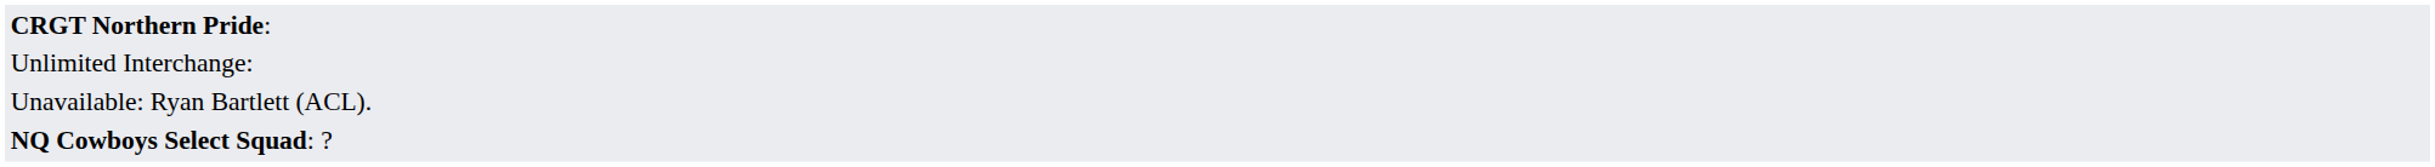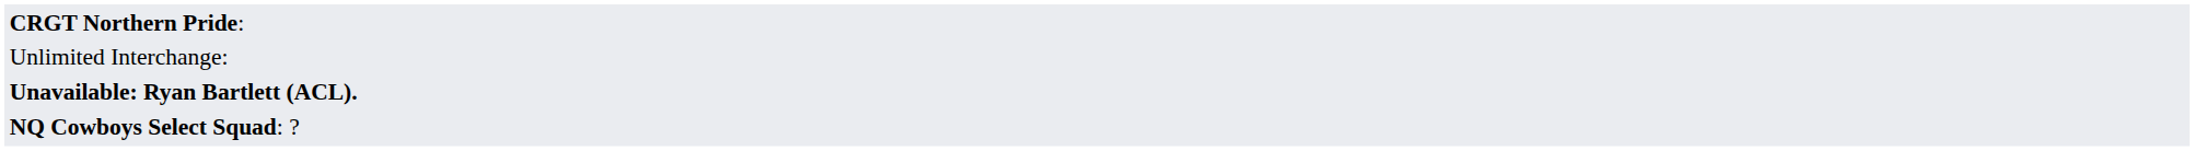 <table style="background:#eaecf0; font-size:85%; width:100%;">
 <tr>
 <td><strong>CRGT Northern Pride</strong>:             </td>
 </tr>
 <tr>
 <td>Unlimited Interchange:      </td>
 </tr>
 <tr>
-<td>Unavailable: Ryan Bartlett (ACL).</td>
+<td><strong>Unavailable: Ryan Bartlett (ACL).</strong></td>
 </tr>
 <tr>
 <td><strong>NQ Cowboys Select Squad</strong>: ?</td>
 </tr>
 </table>
